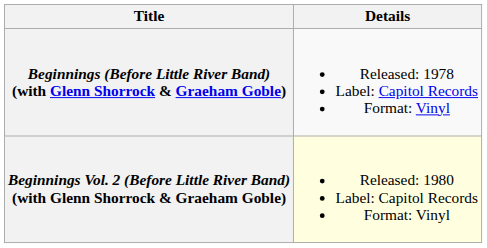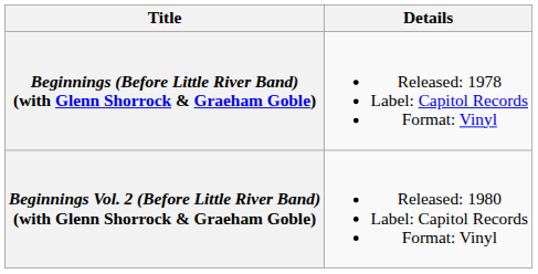 <table class="wikitable plainrowheaders" style="text-align:center;" border="1">
 <tr>
 <th>Title</th>
 <th>Details</th>
 </tr>
 <tr>
 <th scope="row"><em>Beginnings (Before Little River Band)</em> <br> (with <a href='#'>Glenn Shorrock</a> & <a href='#'>Graeham Goble</a>)</th>
 <td><br><ul><li>Released:  1978</li><li>Label: <a href='#'>Capitol Records</a></li><li>Format: <a href='#'>Vinyl</a></li></ul></td>
 </tr>
 <tr>
 <th scope="row"><em>Beginnings Vol. 2 (Before Little River Band)</em> <br> (with Glenn Shorrock & Graeham Goble)</th>
-<td style="background: lightyellow;"><br><ul><li>Released:  1980</li><li>Label: Capitol Records</li><li>Format: Vinyl</li></ul></td>
+<td><br><ul><li>Released:  1980</li><li>Label: Capitol Records</li><li>Format: Vinyl</li></ul></td>
 </tr>
 </table>
